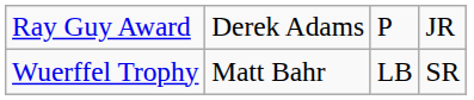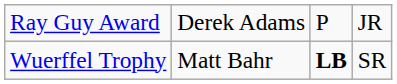 <table class="wikitable">
 <tr>
 <td><a href='#'>Ray Guy Award</a></td>
 <td>Derek Adams</td>
 <td>P</td>
 <td>JR</td>
 </tr>
 <tr>
 <td><a href='#'>Wuerffel Trophy</a></td>
 <td>Matt Bahr</td>
-<td>LB</td>
+<td><strong>LB</strong></td>
 <td>SR</td>
 </tr>
 </table>
